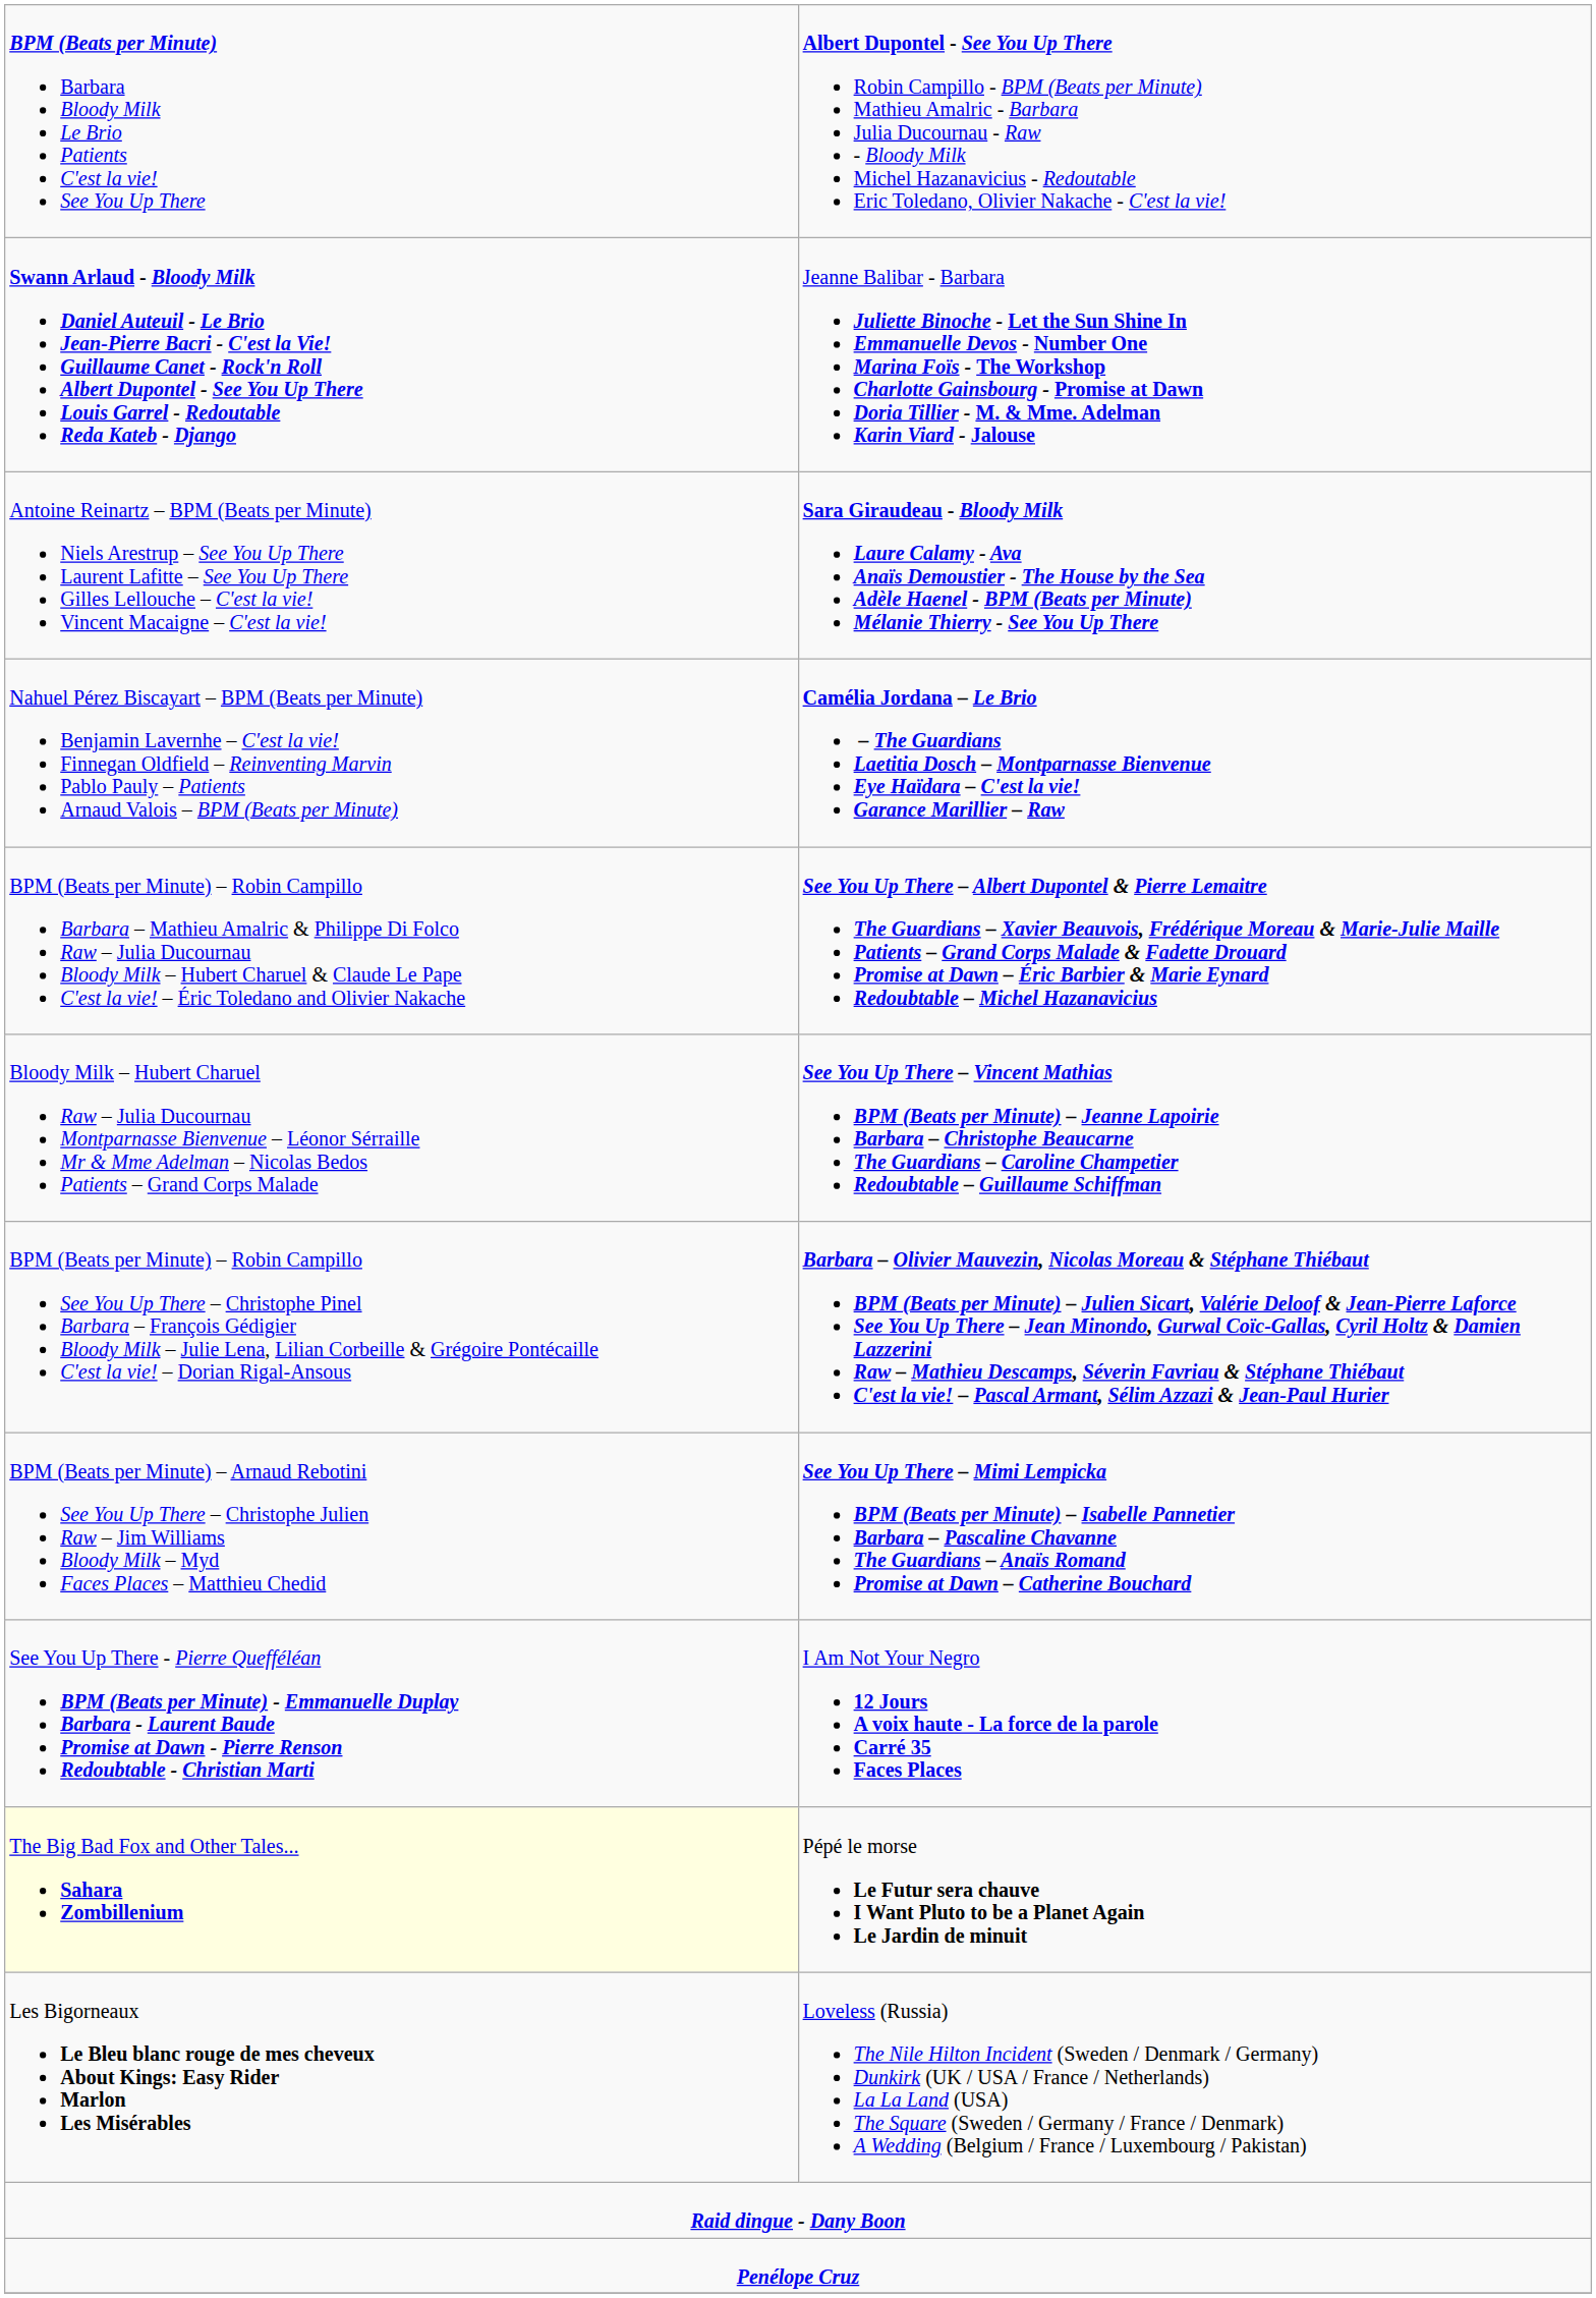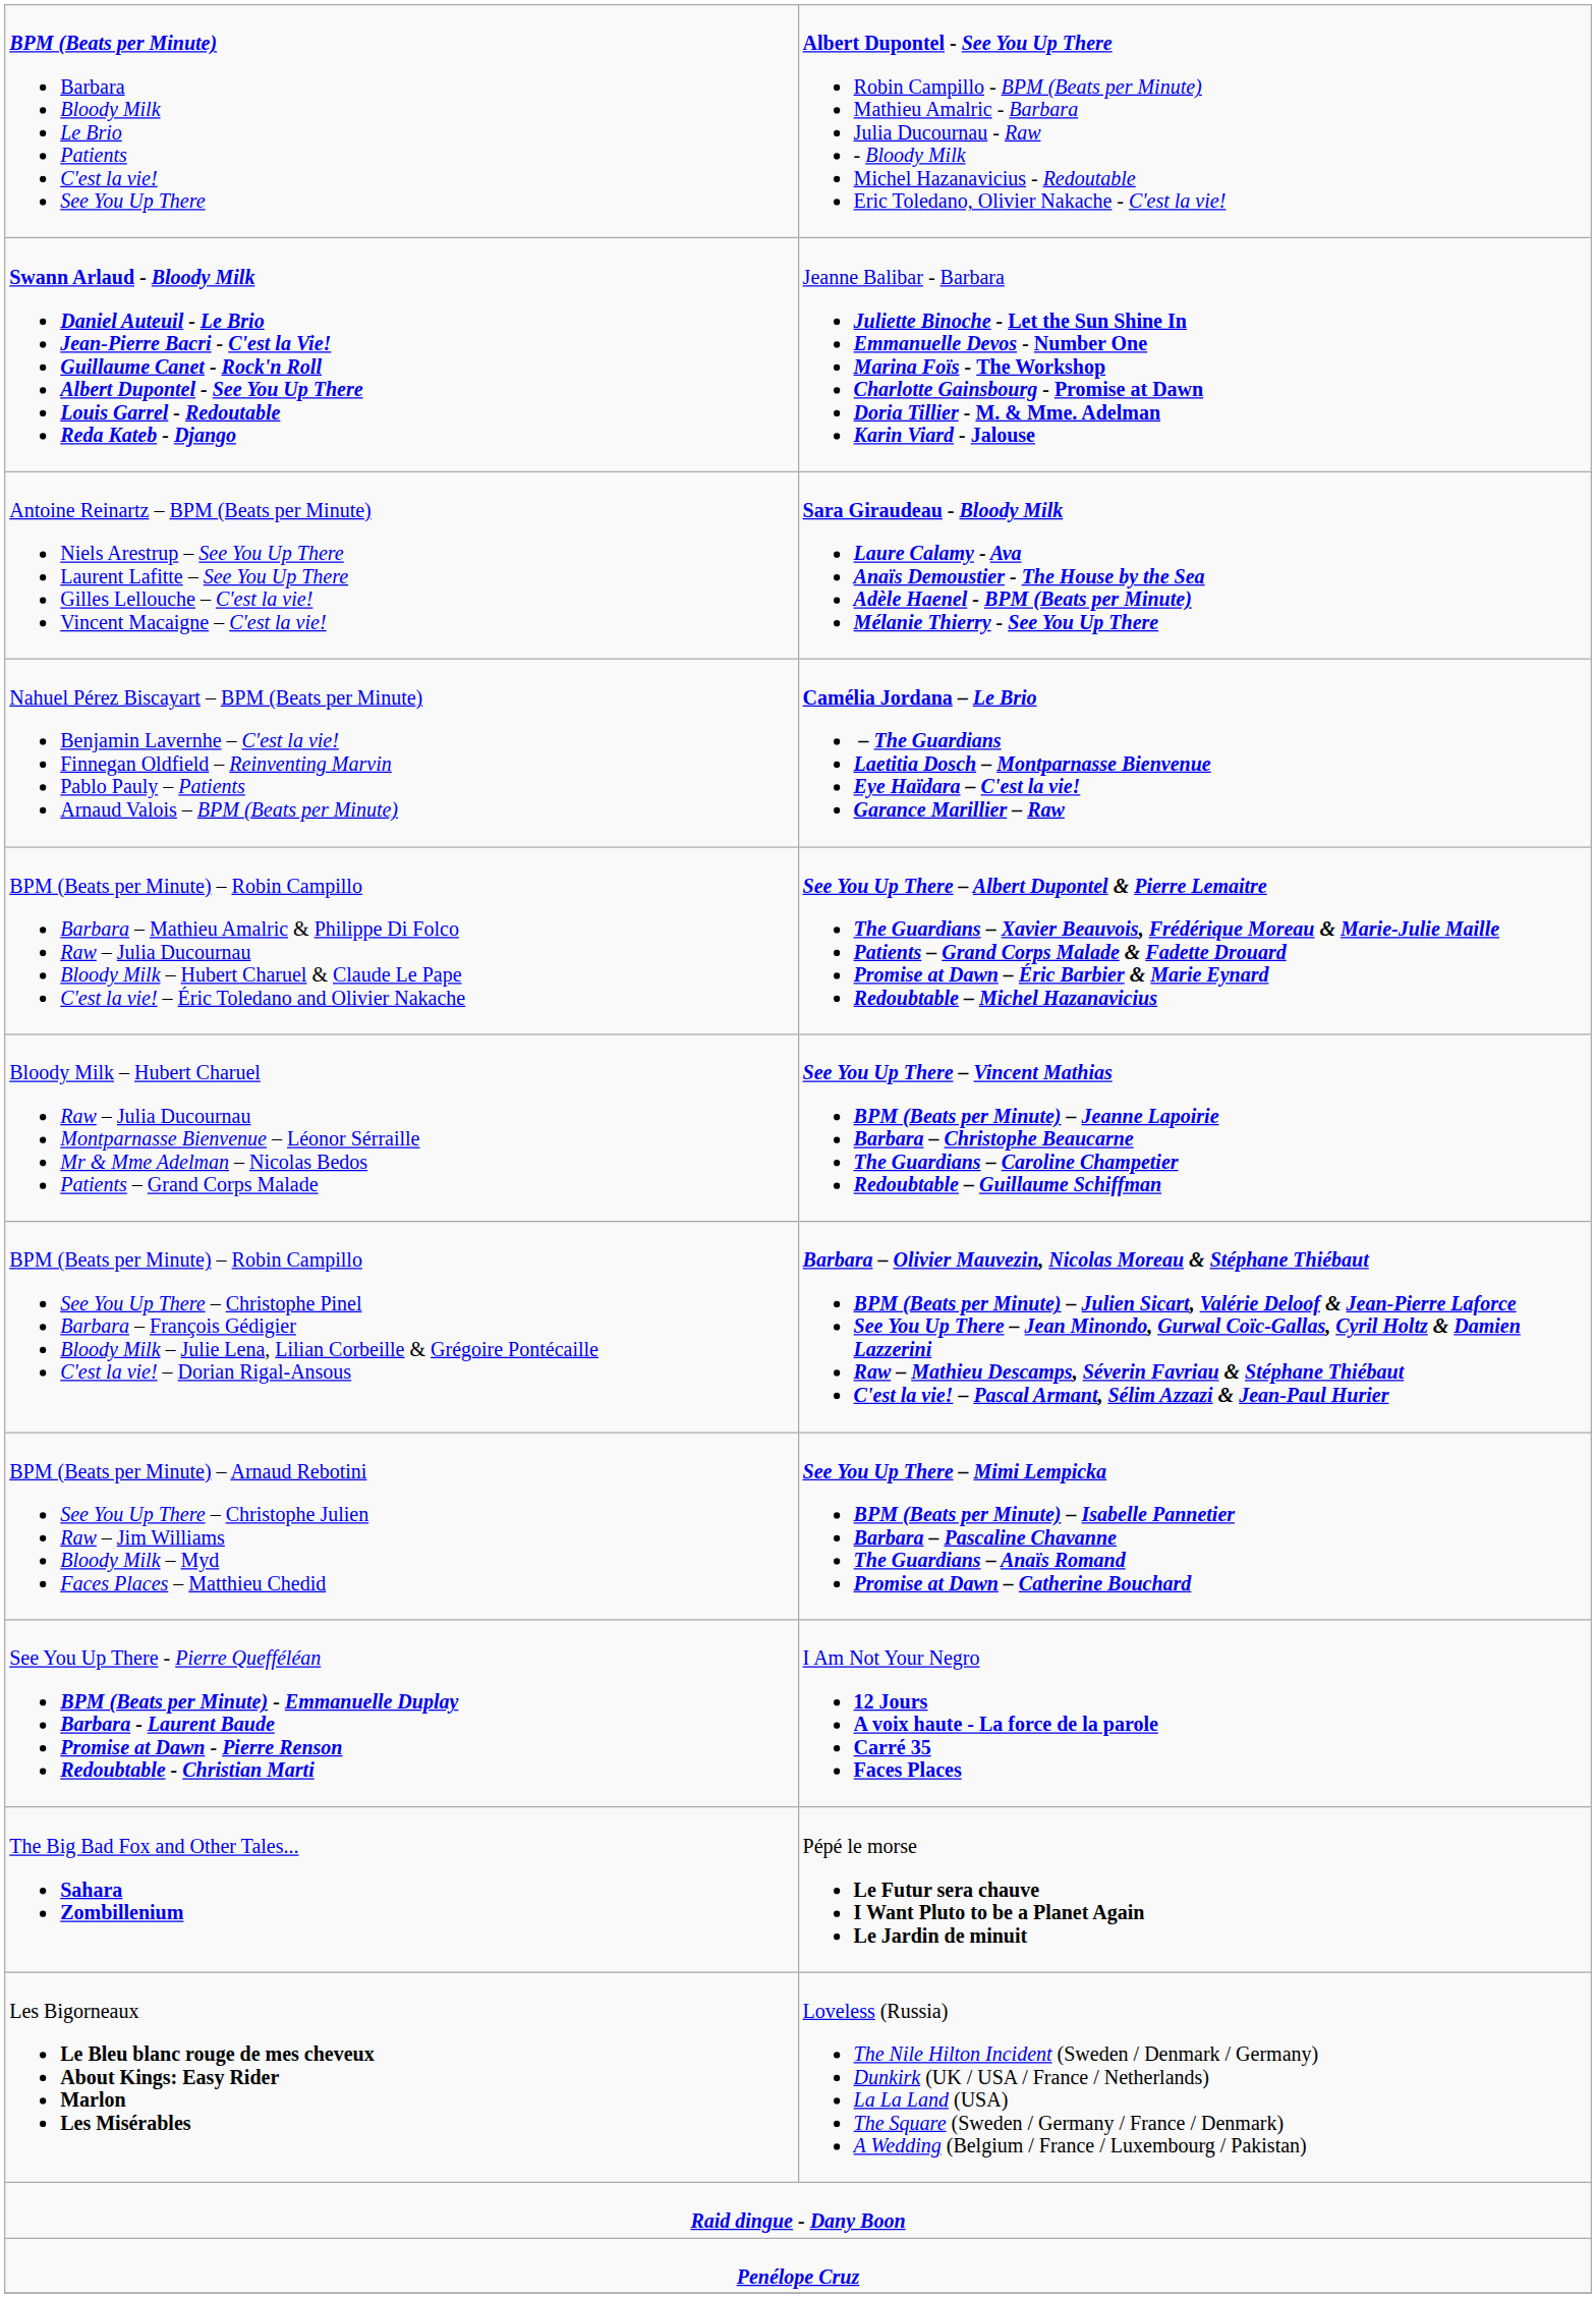 <table class=wikitable style="width="150%">
 <tr>
 <td valign="top" width="50%"><br> <strong><em><a href='#'>BPM (Beats per Minute)</a></em></strong><ul><li><em><a href='#'></em>Barbara<em></a></em></li><li><em><a href='#'>Bloody Milk</a></em></li><li><em><a href='#'>Le Brio</a></em></li><li><em><a href='#'>Patients</a></em></li><li><em><a href='#'>C'est la vie!</a></em></li><li><a href='#'><em>See You Up There</em></a></li></ul></td>
 <td valign="top" width="50%"><br> <strong><a href='#'>Albert Dupontel</a> - <a href='#'><em>See You Up There</em></a></strong><ul><li><a href='#'>Robin Campillo</a> - <em><a href='#'>BPM (Beats per Minute)</a></em></li><li><a href='#'>Mathieu Amalric</a> - <a href='#'><em>Barbara</em></a></li><li><a href='#'>Julia Ducournau</a> - <a href='#'><em>Raw</em></a></li><li> - <em><a href='#'>Bloody Milk</a></em></li><li><a href='#'>Michel Hazanavicius</a> - <a href='#'><em>Redoutable</em></a></li><li><a href='#'>Eric Toledano, Olivier Nakache</a> - <a href='#'><em>C'est la vie!</em></a></li></ul></td>
 </tr>
 <tr>
 <td valign="top" width="50%"><br> <strong><a href='#'>Swann Arlaud</a> - <em><a href='#'>Bloody Milk</a><strong><em><ul><li><a href='#'>Daniel Auteuil</a> - </em><a href='#'>Le Brio</a><em></li><li><a href='#'>Jean-Pierre Bacri</a> - <a href='#'></em>C'est la Vie!<em></a></li><li><a href='#'>Guillaume Canet</a> - <a href='#'></em>Rock'n Roll<em></a></li><li><a href='#'>Albert Dupontel</a> - <a href='#'></em>See You Up There<em></a></li><li><a href='#'>Louis Garrel</a> - <a href='#'></em>Redoutable<em></a></li><li><a href='#'>Reda Kateb</a> - <a href='#'></em>Django<em></a></li></ul></td>
 <td valign="top" width="50%"><br> </strong><a href='#'>Jeanne Balibar</a> - <a href='#'></em>Barbara<em></a><strong><ul><li><a href='#'>Juliette Binoche</a> - <a href='#'></em>Let the Sun Shine In<em></a></li><li><a href='#'>Emmanuelle Devos</a> - <a href='#'></em>Number One<em></a></li><li><a href='#'>Marina Foïs</a> - <a href='#'></em>The Workshop<em></a></li><li><a href='#'>Charlotte Gainsbourg</a> - </em><a href='#'>Promise at Dawn</a><em></li><li><a href='#'>Doria Tillier</a> -  </em><a href='#'>M. & Mme. Adelman</a><em></li><li><a href='#'>Karin Viard</a> - </em><a href='#'>Jalouse</a><em></li></ul></td>
 </tr>
 <tr>
 <td valign="top" width="50%"><br> </strong><a href='#'>Antoine Reinartz</a> – </em><a href='#'>BPM (Beats per Minute)</a></em></strong><ul><li><a href='#'>Niels Arestrup</a> – <em><a href='#'>See You Up There</a></em></li><li><a href='#'>Laurent Lafitte</a> – <em><a href='#'>See You Up There</a></em></li><li><a href='#'>Gilles Lellouche</a> – <em><a href='#'>C'est la vie!</a></em></li><li><a href='#'>Vincent Macaigne</a> – <em><a href='#'>C'est la vie!</a></em></li></ul></td>
 <td valign="top" width="50%"><br> <strong><a href='#'>Sara Giraudeau</a> - <em><a href='#'>Bloody Milk</a><strong><em><ul><li><a href='#'>Laure Calamy</a> - <a href='#'></em>Ava<em></a></li><li><a href='#'>Anaïs Demoustier</a> - </em><a href='#'>The House by the Sea</a><em></li><li><a href='#'>Adèle Haenel</a> - </em><a href='#'>BPM (Beats per Minute)</a><em></li><li><a href='#'>Mélanie Thierry</a> - </em><a href='#'>See You Up There</a><em></li></ul></td>
 </tr>
 <tr>
 <td valign="top" width="50%"><br> </strong><a href='#'>Nahuel Pérez Biscayart</a> – </em><a href='#'>BPM (Beats per Minute)</a></em></strong><ul><li><a href='#'>Benjamin Lavernhe</a> – <em><a href='#'>C'est la vie!</a></em></li><li><a href='#'>Finnegan Oldfield</a> – <em><a href='#'>Reinventing Marvin</a></em></li><li><a href='#'>Pablo Pauly</a> – <em><a href='#'>Patients</a></em></li><li><a href='#'>Arnaud Valois</a> – <em><a href='#'>BPM (Beats per Minute)</a></em></li></ul></td>
 <td valign="top" width="50%"><br> <strong><a href='#'>Camélia Jordana</a> – <em><a href='#'>Le Brio</a><strong><em><ul><li> – </em><a href='#'>The Guardians</a><em></li><li><a href='#'>Laetitia Dosch</a> – </em><a href='#'>Montparnasse Bienvenue</a><em></li><li><a href='#'>Eye Haïdara</a> – </em><a href='#'>C'est la vie!</a><em></li><li><a href='#'>Garance Marillier</a> – </em><a href='#'>Raw</a><em></li></ul></td>
 </tr>
 <tr>
 <td valign="top" width="50%"><br> </em></strong><a href='#'>BPM (Beats per Minute)</a></em> – <a href='#'>Robin Campillo</a></strong><ul><li><em><a href='#'>Barbara</a></em> – <a href='#'>Mathieu Amalric</a> & <a href='#'>Philippe Di Folco</a></li><li><em><a href='#'>Raw</a></em> – <a href='#'>Julia Ducournau</a></li><li><em><a href='#'>Bloody Milk</a></em> – <a href='#'>Hubert Charuel</a> & <a href='#'>Claude Le Pape</a></li><li><em><a href='#'>C'est la vie!</a></em> – <a href='#'>Éric Toledano and Olivier Nakache</a></li></ul></td>
 <td valign="top" width="50%"><br> <strong><em><a href='#'>See You Up There</a><em> – <a href='#'>Albert Dupontel</a> & <a href='#'>Pierre Lemaitre</a><strong><ul><li></em><a href='#'>The Guardians</a><em> – <a href='#'>Xavier Beauvois</a>, <a href='#'>Frédérique Moreau</a> & <a href='#'>Marie-Julie Maille</a></li><li></em><a href='#'>Patients</a><em> – <a href='#'>Grand Corps Malade</a> & <a href='#'>Fadette Drouard</a></li><li></em><a href='#'>Promise at Dawn</a> – <em><a href='#'>Éric Barbier</a> & <a href='#'>Marie Eynard</a></li><li></em><a href='#'>Redoubtable</a><em> – <a href='#'>Michel Hazanavicius</a></li></ul></td>
 </tr>
 <tr>
 <td valign="top" width="50%"><br> </em></strong><a href='#'>Bloody Milk</a></em> – <a href='#'>Hubert Charuel</a></strong><ul><li><em><a href='#'>Raw</a></em> – <a href='#'>Julia Ducournau</a></li><li><em><a href='#'>Montparnasse Bienvenue</a></em> – <a href='#'>Léonor Sérraille</a></li><li><em><a href='#'>Mr & Mme Adelman</a></em> – <a href='#'>Nicolas Bedos</a></li><li><em><a href='#'>Patients</a></em> – <a href='#'>Grand Corps Malade</a></li></ul></td>
 <td valign="top" width="50%"><br> <strong><em><a href='#'>See You Up There</a><em> – <a href='#'>Vincent Mathias</a><strong><ul><li></em><a href='#'>BPM (Beats per Minute)</a><em> – <a href='#'>Jeanne Lapoirie</a></li><li></em><a href='#'>Barbara</a><em> – <a href='#'>Christophe Beaucarne</a></li><li></em><a href='#'>The Guardians</a><em> – <a href='#'>Caroline Champetier</a></li><li></em><a href='#'>Redoubtable</a><em> – <a href='#'>Guillaume Schiffman</a></li></ul></td>
 </tr>
 <tr>
 <td valign="top" width="50%"><br> </em></strong><a href='#'>BPM (Beats per Minute)</a></em> – <a href='#'>Robin Campillo</a></strong><ul><li><em><a href='#'>See You Up There</a></em> – <a href='#'>Christophe Pinel</a></li><li><em><a href='#'>Barbara</a></em> – <a href='#'>François Gédigier</a></li><li><em><a href='#'>Bloody Milk</a></em> – <a href='#'>Julie Lena</a>, <a href='#'>Lilian Corbeille</a> & <a href='#'>Grégoire Pontécaille</a></li><li><em><a href='#'>C'est la vie!</a></em> – <a href='#'>Dorian Rigal-Ansous</a></li></ul></td>
 <td valign="top" width="50%"><br> <strong><em><a href='#'>Barbara</a><em> – <a href='#'>Olivier Mauvezin</a>, <a href='#'>Nicolas Moreau</a> & <a href='#'>Stéphane Thiébaut</a><strong><ul><li></em><a href='#'>BPM (Beats per Minute)</a><em> – <a href='#'>Julien Sicart</a>, <a href='#'>Valérie Deloof</a> & <a href='#'>Jean-Pierre Laforce</a></li><li></em><a href='#'>See You Up There</a><em> – <a href='#'>Jean Minondo</a>, <a href='#'>Gurwal Coïc-Gallas</a>, <a href='#'>Cyril Holtz</a> & </em><a href='#'>Damien Lazzerini</a><em></li><li></em><a href='#'>Raw</a><em> – <a href='#'>Mathieu Descamps</a>, <a href='#'>Séverin Favriau</a> & <a href='#'>Stéphane Thiébaut</a></li><li></em><a href='#'>C'est la vie!</a><em> – <a href='#'>Pascal Armant</a>, <a href='#'>Sélim Azzazi</a> & <a href='#'>Jean-Paul Hurier</a></li></ul></td>
 </tr>
 <tr>
 <td valign="top" width="50%"><br>  </em></strong><a href='#'>BPM (Beats per Minute)</a></em> – <a href='#'>Arnaud Rebotini</a></strong><ul><li><em><a href='#'>See You Up There</a></em> – <a href='#'>Christophe Julien</a></li><li><em><a href='#'>Raw</a></em> – <a href='#'>Jim Williams</a></li><li><em><a href='#'>Bloody Milk</a></em> – <a href='#'>Myd</a></li><li><em><a href='#'>Faces Places</a></em> – <a href='#'>Matthieu Chedid</a></li></ul></td>
 <td valign="top" width="50%"><br> <strong><em><a href='#'>See You Up There</a><em> – <a href='#'>Mimi Lempicka</a><strong><ul><li></em><a href='#'>BPM (Beats per Minute)</a><em> – <a href='#'>Isabelle Pannetier</a></li><li></em><a href='#'>Barbara</a><em> – <a href='#'>Pascaline Chavanne</a></li><li></em><a href='#'>The Guardians</a><em> – <a href='#'>Anaïs Romand</a></li><li></em><a href='#'>Promise at Dawn</a><em> – <a href='#'>Catherine Bouchard</a></li></ul></td>
 </tr>
 <tr>
 <td valign="top" width="50%"><br> </em></strong><a href='#'></em>See You Up There<em></a> - <a href='#'>Pierre Quefféléan</a><strong><em><ul><li></em><a href='#'>BPM (Beats per Minute)</a><em> - <a href='#'>Emmanuelle Duplay</a></li><li><a href='#'></em>Barbara<em></a> - <a href='#'>Laurent Baude</a></li><li><a href='#'></em>Promise at Dawn<em></a> - <a href='#'>Pierre Renson</a></li><li><a href='#'></em>Redoubtable<em></a> - <a href='#'>Christian Marti</a></li></ul></td>
 <td valign="top" width="50%"><br> </em></strong><a href='#'>I Am Not Your Negro</a><strong><em><ul><li></em><a href='#'>12 Jours</a><em></li><li></em><a href='#'>A voix haute - La force de la parole</a><em></li><li></em><a href='#'>Carré 35</a><em></li><li></em><a href='#'>Faces Places</a><em></li></ul></td>
 </tr>
 <tr>
-<td valign="top" width="50%" style="background: lightyellow;"><br> </em></strong><a href='#'>The Big Bad Fox and Other Tales...</a><strong><em><ul><li></em><a href='#'>Sahara</a><em></li><li></em><a href='#'>Zombillenium</a><em></li></ul></td>
+<td valign="top" width="50%"><br> </em></strong><a href='#'>The Big Bad Fox and Other Tales...</a><strong><em><ul><li></em><a href='#'>Sahara</a><em></li><li></em><a href='#'>Zombillenium</a><em></li></ul></td>
 <td valign="top" width="50%"><br> </em></strong>Pépé le morse<strong><em><ul><li></em>Le Futur sera chauve<em></li><li></em>I Want Pluto to be a Planet Again<em></li><li></em>Le Jardin de minuit<em></li></ul></td>
 </tr>
 <tr>
 <td valign="top" width="50%"><br> </em></strong>Les Bigorneaux<strong><em><ul><li></em>Le Bleu blanc rouge de mes cheveux<em></li><li></em>About Kings: Easy Rider<em></li><li></em>Marlon<em></li><li></em>Les Misérables<em></li></ul></td>
 <td colspan="2" valign="top" width="50%"><br> </em></strong><a href='#'>Loveless</a></em> (Russia)</strong><ul><li><em><a href='#'>The Nile Hilton Incident</a></em> (Sweden / Denmark / Germany)</li><li><a href='#'><em>Dunkirk</em></a> (UK / USA / France / Netherlands)</li><li><a href='#'><em>La La Land</em></a> (USA)</li><li><em><a href='#'>The Square</a></em> (Sweden / Germany / France / Denmark)</li><li><em><a href='#'>A Wedding</a></em> (Belgium / France / Luxembourg / Pakistan)</li></ul></td>
 </tr>
 <tr>
 <td align="center" colspan="2" valign="top" width="50%"><br> <strong><em><a href='#'>Raid dingue</a> - <a href='#'>Dany Boon</a></em></strong></td>
 </tr>
 <tr>
 <td align="center" colspan="2" valign="top" width="50%"><br> <strong><em><a href='#'>Penélope Cruz</a></em></strong></td>
 </tr>
 <tr>
 </tr>
 </table>
